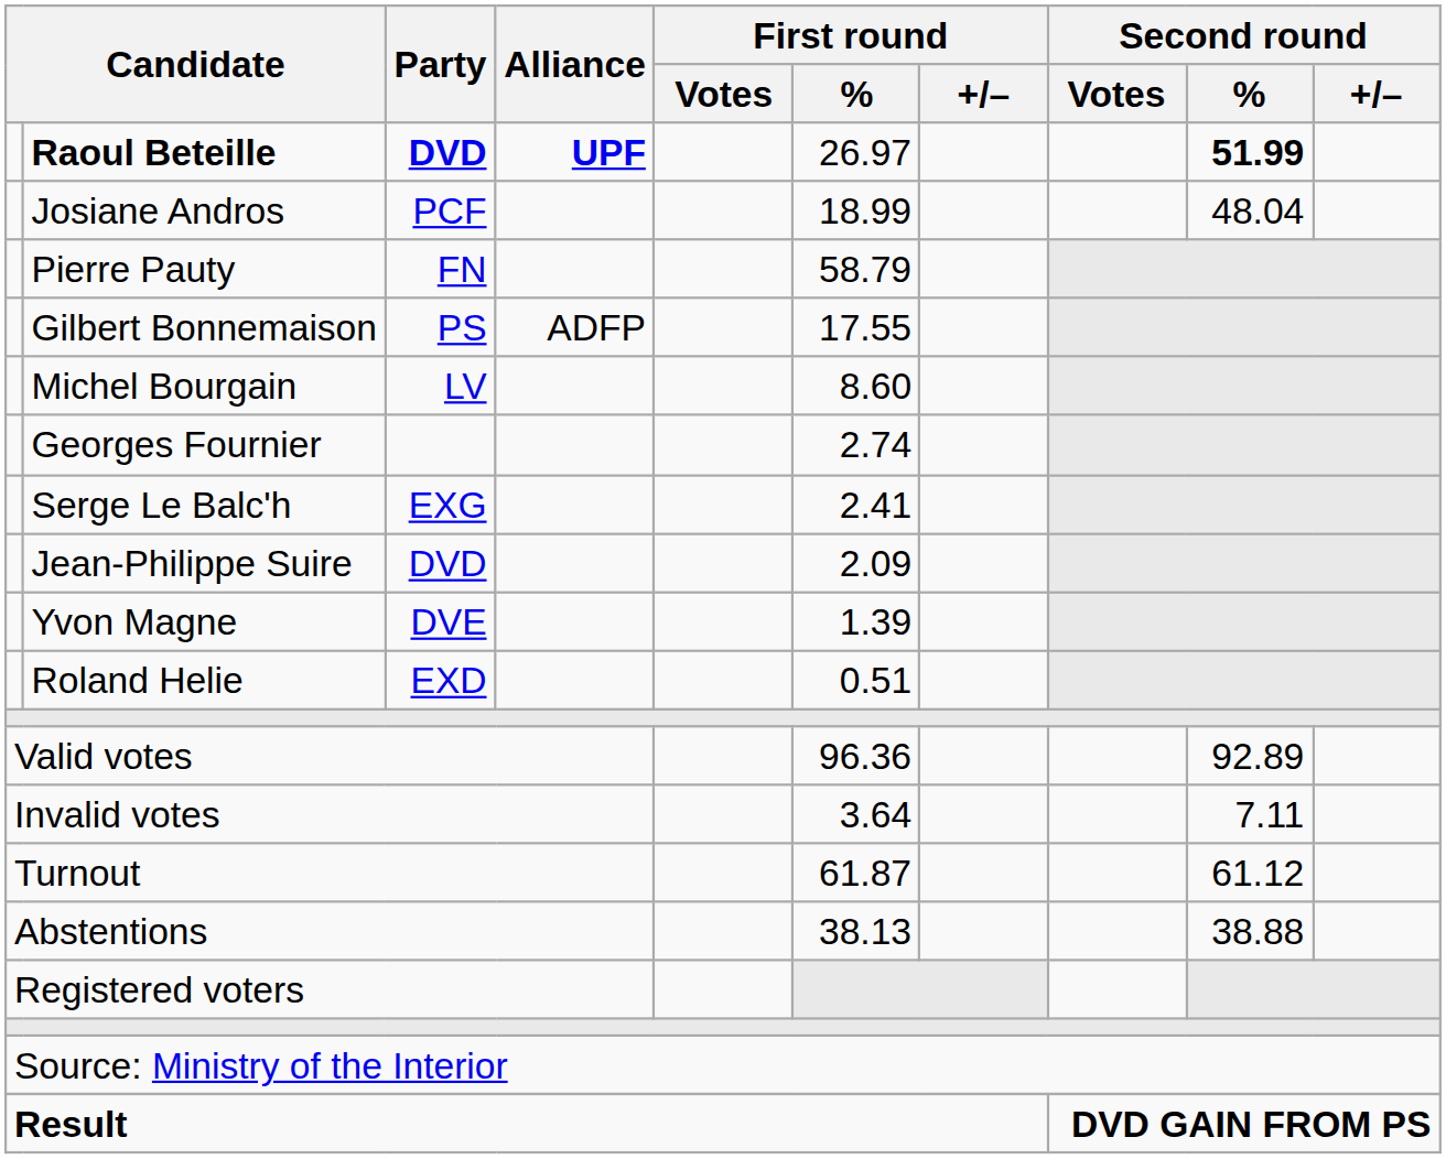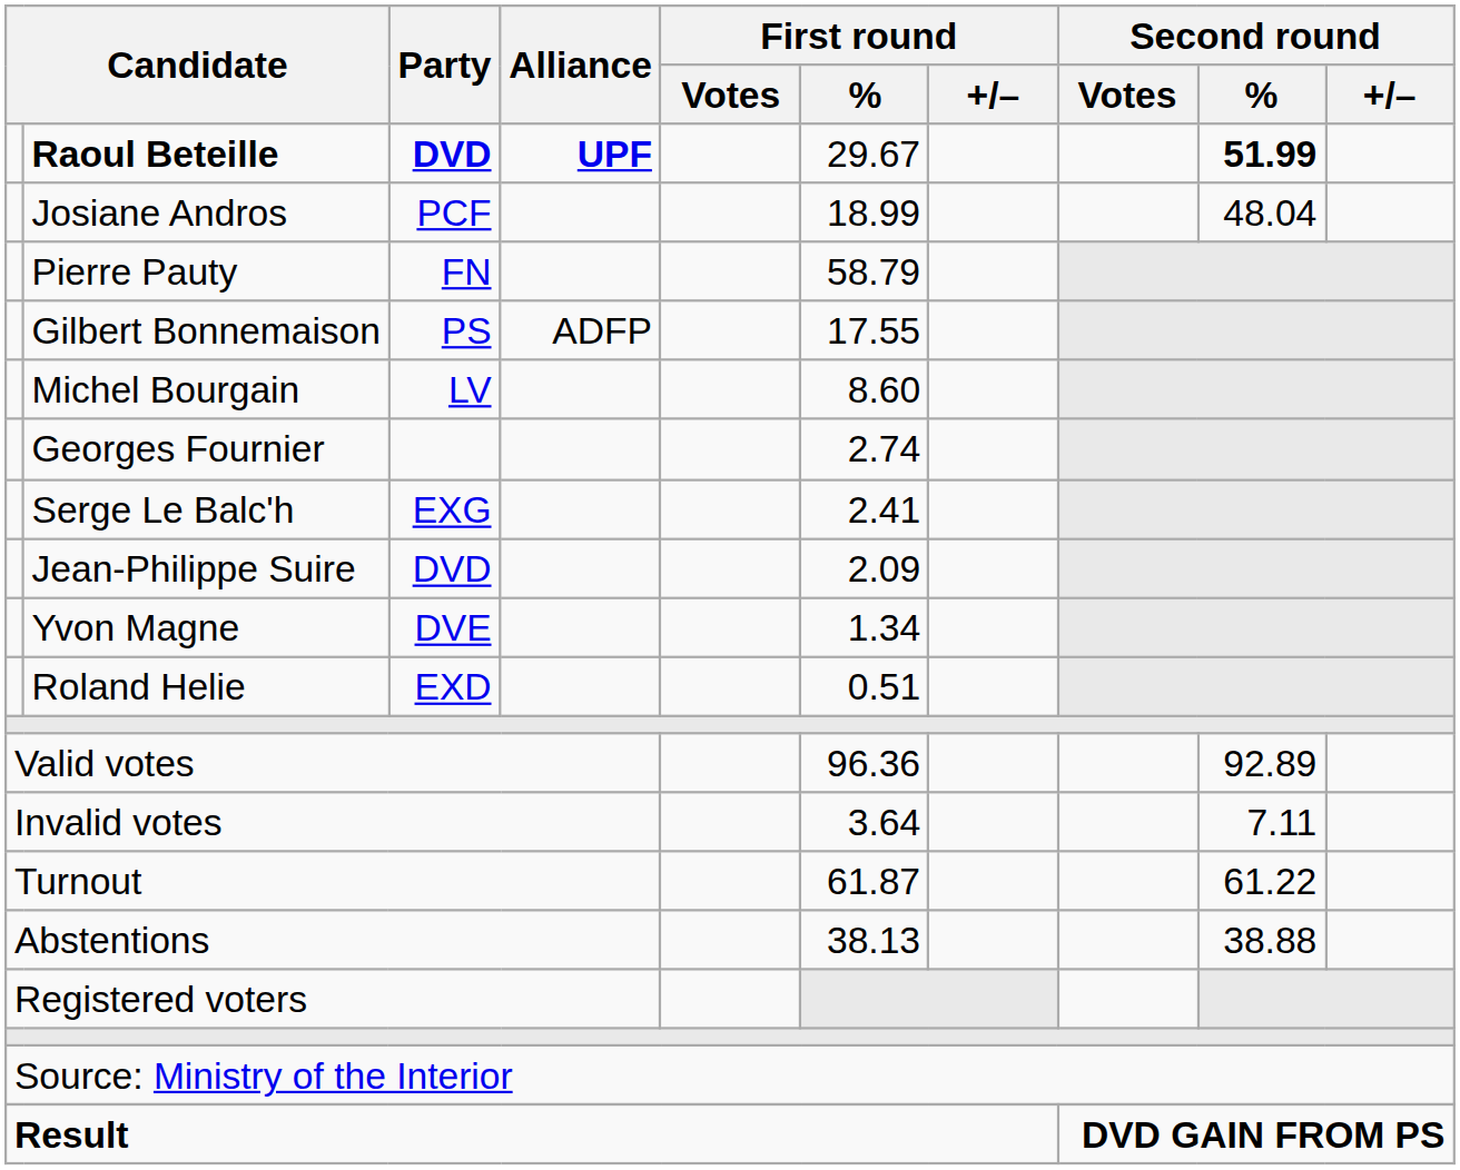 <table class="wikitable" style="text-align:right;font-size:95%;">
 <tr>
 <th rowspan="2" colspan="2">Candidate</th>
 <th rowspan="2">Party</th>
 <th rowspan="2">Alliance</th>
 <th colspan="3">First round</th>
 <th colspan="3">Second round</th>
 </tr>
 <tr>
 <th style="width:50px;">Votes</th>
 <th style="width:45px;">%</th>
 <th style="width:45px;">+/–</th>
 <th style="width:50px;">Votes</th>
 <th style="width:45px;">%</th>
 <th style="width:45px;">+/–</th>
 </tr>
 <tr>
 <td style="color:inherit;background:"></td>
 <td style="text-align:left;"><strong>Raoul Beteille</strong></td>
 <td><a href='#'><strong>DVD</strong></a> </td>
 <td><a href='#'><strong>UPF</strong></a> </td>
 <td></td>
-<td>26.97</td>
+<td>29.67</td>
 <td></td>
 <td></td>
 <td><strong>51.99</strong></td>
 <td></td>
 </tr>
 <tr>
 <td style="color:inherit;background:"></td>
 <td style="text-align:left;">Josiane Andros</td>
 <td><a href='#'>PCF</a> </td>
 <td></td>
 <td></td>
 <td>18.99</td>
 <td></td>
 <td></td>
 <td>48.04</td>
 <td></td>
 </tr>
 <tr>
 <td style="color:inherit;background:"></td>
 <td style="text-align:left;">Pierre Pauty</td>
 <td><a href='#'>FN</a></td>
 <td></td>
 <td></td>
 <td>58.79</td>
 <td></td>
 <td colspan="3" style="background:#E9E9E9;"></td>
 </tr>
 <tr>
 <td style="color:inherit;background:"></td>
 <td style="text-align:left;">Gilbert Bonnemaison</td>
 <td><a href='#'>PS</a></td>
 <td>ADFP</td>
 <td></td>
 <td>17.55</td>
 <td></td>
 <td colspan="3" style="background:#E9E9E9;"></td>
 </tr>
 <tr>
 <td style="color:inherit;background:"></td>
 <td style="text-align:left;">Michel Bourgain</td>
 <td><a href='#'>LV</a></td>
 <td></td>
 <td></td>
 <td>8.60</td>
 <td></td>
 <td colspan="3" style="background:#E9E9E9;"></td>
 </tr>
 <tr>
 <td style="color:inherit;background:"></td>
 <td style="text-align:left;">Georges Fournier</td>
 <td></td>
 <td></td>
 <td></td>
 <td>2.74</td>
 <td></td>
 <td colspan="3" style="background:#E9E9E9;"></td>
 </tr>
 <tr>
 <td style="color:inherit;background:"></td>
 <td style="text-align:left;">Serge Le Balc'h</td>
 <td><a href='#'>EXG</a></td>
 <td></td>
 <td></td>
 <td>2.41</td>
 <td></td>
 <td colspan="3" style="background:#E9E9E9;"></td>
 </tr>
 <tr>
 <td style="color:inherit;background:"></td>
 <td style="text-align:left;">Jean-Philippe Suire</td>
 <td><a href='#'>DVD</a></td>
 <td></td>
 <td></td>
 <td>2.09</td>
 <td></td>
 <td colspan="3" style="background:#E9E9E9;"></td>
 </tr>
 <tr>
 <td style="color:inherit;background:"></td>
 <td style="text-align:left;">Yvon Magne</td>
 <td><a href='#'>DVE</a></td>
 <td></td>
 <td></td>
-<td>1.39</td>
+<td>1.34</td>
 <td></td>
 <td colspan="3" style="background:#E9E9E9;"></td>
 </tr>
 <tr>
 <td style="color:inherit;background:"></td>
 <td style="text-align:left;">Roland Helie</td>
 <td><a href='#'>EXD</a></td>
 <td></td>
 <td></td>
 <td>0.51</td>
 <td></td>
 <td colspan="3" style="background:#E9E9E9;"></td>
 </tr>
 <tr>
 <td colspan="10" style="background:#E9E9E9;"></td>
 </tr>
 <tr>
 <td colspan="4" style="text-align:left;">Valid votes</td>
 <td></td>
 <td>96.36</td>
 <td></td>
 <td></td>
 <td>92.89</td>
 <td></td>
 </tr>
 <tr>
 <td colspan="4" style="text-align:left;">Invalid votes</td>
 <td></td>
 <td>3.64</td>
 <td></td>
 <td></td>
 <td>7.11</td>
 <td></td>
 </tr>
 <tr>
 <td colspan="4" style="text-align:left;">Turnout</td>
 <td></td>
 <td>61.87</td>
 <td></td>
 <td></td>
-<td>61.12</td>
+<td>61.22</td>
 <td></td>
 </tr>
 <tr>
 <td colspan="4" style="text-align:left;">Abstentions</td>
 <td></td>
 <td>38.13</td>
 <td></td>
 <td></td>
 <td>38.88</td>
 <td></td>
 </tr>
 <tr>
 <td colspan="4" style="text-align:left;">Registered voters</td>
 <td></td>
 <td colspan="2" style="background:#E9E9E9;"></td>
 <td></td>
 <td colspan="2" style="background:#E9E9E9;"></td>
 </tr>
 <tr>
 <td colspan="10" style="background:#E9E9E9;"></td>
 </tr>
 <tr>
 <td colspan="10" style="text-align:left;">Source: <a href='#'>Ministry of the Interior</a></td>
 </tr>
 <tr>
 </tr>
 <tr style="font-weight:bold">
 <td colspan="7" style="text-align:left;">Result</td>
 <td colspan="7" style="background-color:">DVD GAIN FROM PS</td>
 </tr>
 </table>
